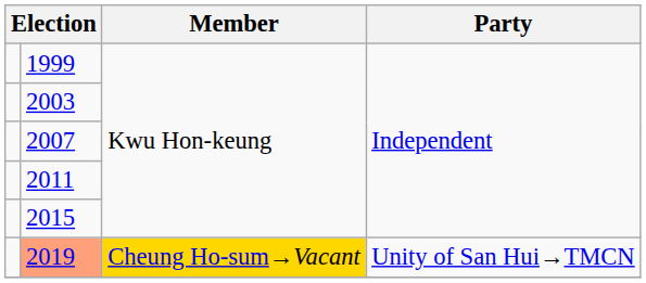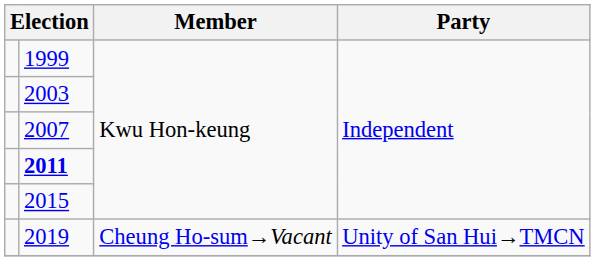 <table class="wikitable">
 <tr>
 <th colspan="2">Election</th>
 <th>Member</th>
 <th>Party</th>
 </tr>
 <tr>
 <td style="background-color: "></td>
 <td><a href='#'>1999</a></td>
 <td rowspan=5>Kwu Hon-keung</td>
 <td rowspan=5><a href='#'>Independent</a></td>
 </tr>
 <tr>
 <td style="background-color: "></td>
 <td><a href='#'>2003</a></td>
 </tr>
 <tr>
 <td style="background-color: "></td>
 <td><a href='#'>2007</a></td>
 </tr>
 <tr>
 <td style="background-color: "></td>
-<td><a href='#'>2011</a></td>
+<td><strong><a href='#'>2011</a></strong></td>
 </tr>
 <tr>
 <td style="background-color: "></td>
 <td><a href='#'>2015</a></td>
 </tr>
 <tr>
 <td style="background-color: "></td>
-<td style="background: lightsalmon;"><a href='#'>2019</a></td>
-<td style="background: gold;"><a href='#'>Cheung Ho-sum</a>→<em>Vacant</em></td>
+<td><a href='#'>2019</a></td>
+<td><a href='#'>Cheung Ho-sum</a>→<em>Vacant</em></td>
 <td><a href='#'>Unity of San Hui</a>→<a href='#'>TMCN</a></td>
 </tr>
 <tr>
 </tr>
 </table>
